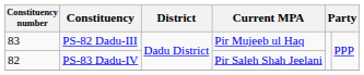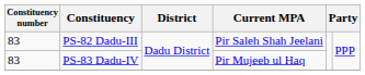 <table class="wikitable">
 <tr>
 <th width="50px" style="font-size:75%">Constituency number</th>
 <th>Constituency</th>
 <th>District</th>
 <th>Current MPA</th>
 <th colspan="2">Party</th>
 </tr>
 <tr>
 <td>83</td>
 <td><a href='#'>PS-82 Dadu-III</a></td>
 <td rowspan="2"><a href='#'>Dadu District</a></td>
-<td><a href='#'>Pir Mujeeb ul Haq</a></td>
+<td><a href='#'>Pir Saleh Shah Jeelani</a></td>
 <td rowspan="2"></td>
 <td rowspan="2"><a href='#'>PPP</a></td>
 </tr>
 <tr>
-<td>82</td>
+<td>83</td>
 <td><a href='#'>PS-83 Dadu-IV</a></td>
-<td><a href='#'>Pir Saleh Shah Jeelani</a></td>
+<td><a href='#'>Pir Mujeeb ul Haq</a></td>
 </tr>
 <tr>
 </tr>
 </table>
